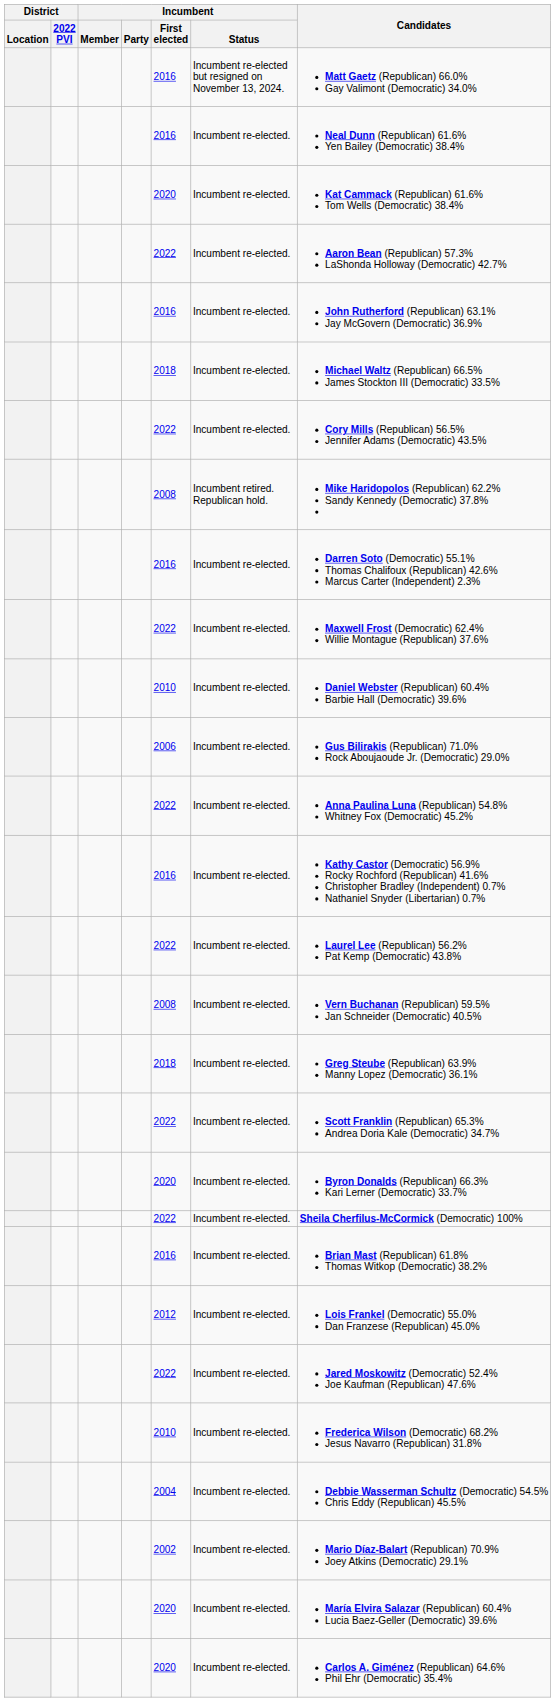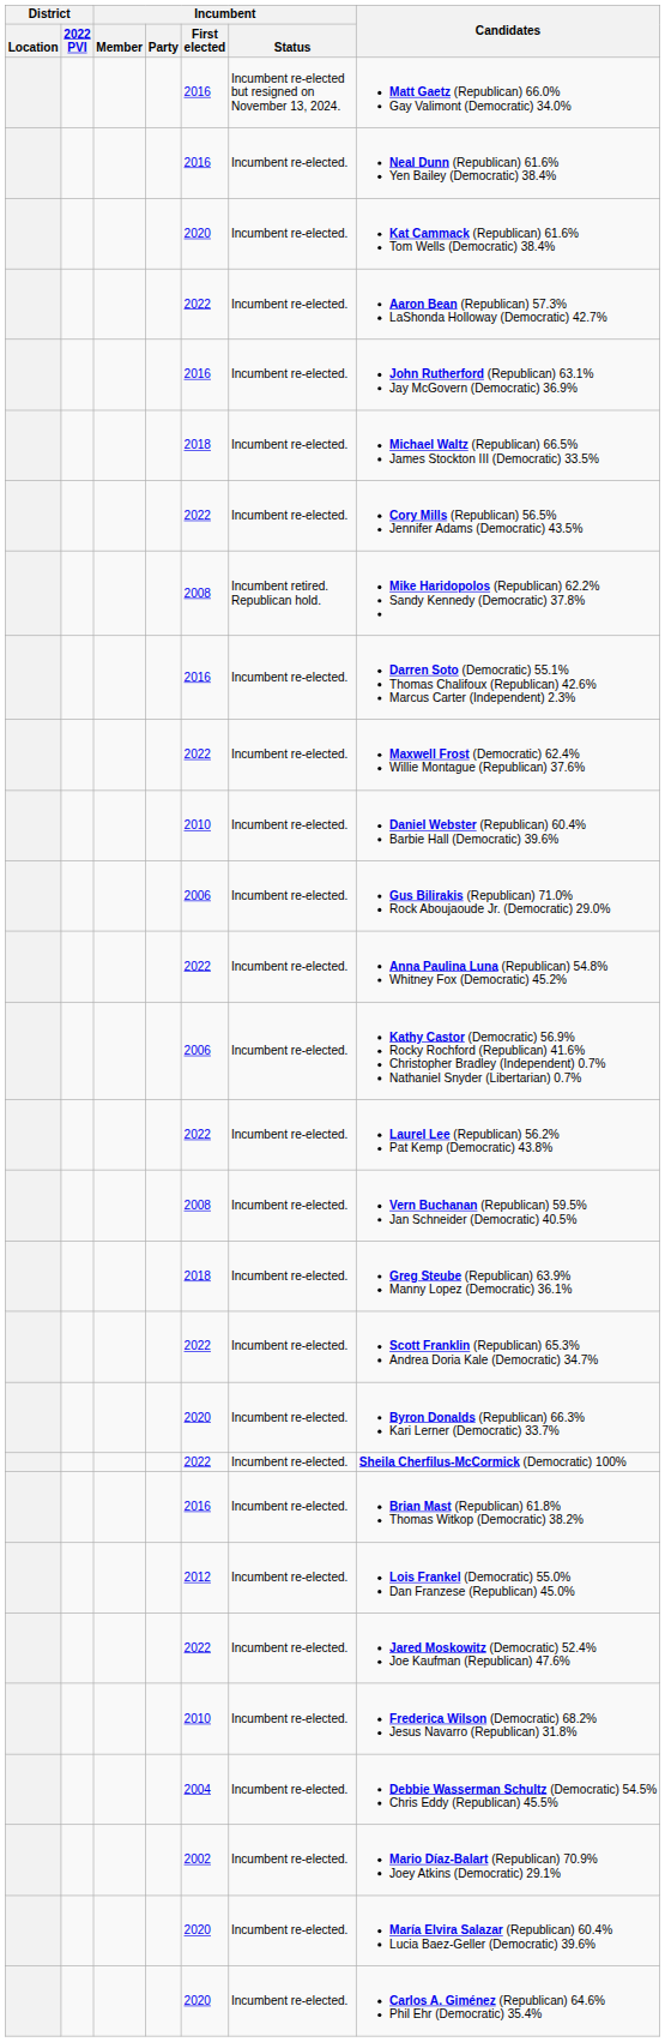 <table class="wikitable sortable">
 <tr>
 <th colspan=2>District</th>
 <th colspan=4>Incumbent</th>
 <th rowspan=2 class="unsortable">Candidates</th>
 </tr>
 <tr valign=bottom>
 <th>Location</th>
 <th><a href='#'>2022<br>PVI</a></th>
 <th>Member</th>
 <th>Party</th>
 <th>First<br>elected</th>
 <th>Status</th>
 </tr>
 <tr>
 <th></th>
 <td></td>
 <td></td>
 <td></td>
 <td><a href='#'>2016</a></td>
 <td>Incumbent re-elected but resigned on November 13, 2024.</td>
 <td nowrap><br><ul><li> <strong><a href='#'>Matt Gaetz</a></strong> (Republican) 66.0%</li><li>Gay Valimont (Democratic) 34.0%</li></ul></td>
 </tr>
 <tr>
 <th></th>
 <td></td>
 <td></td>
 <td></td>
 <td><a href='#'>2016</a></td>
 <td>Incumbent re-elected.</td>
 <td nowrap><br><ul><li> <strong><a href='#'>Neal Dunn</a></strong> (Republican) 61.6%</li><li>Yen Bailey (Democratic) 38.4%</li></ul></td>
 </tr>
 <tr>
 <th></th>
 <td></td>
 <td></td>
 <td></td>
 <td><a href='#'>2020</a></td>
 <td>Incumbent re-elected.</td>
 <td nowrap><br><ul><li> <strong><a href='#'>Kat Cammack</a></strong> (Republican) 61.6%</li><li>Tom Wells (Democratic) 38.4%</li></ul></td>
 </tr>
 <tr>
 <th></th>
 <td></td>
 <td></td>
 <td></td>
 <td><a href='#'>2022</a></td>
 <td>Incumbent re-elected.</td>
 <td nowrap><br><ul><li> <strong><a href='#'>Aaron Bean</a></strong> (Republican) 57.3%</li><li>LaShonda Holloway (Democratic) 42.7%</li></ul></td>
 </tr>
 <tr>
 <th></th>
 <td></td>
 <td></td>
 <td></td>
 <td><a href='#'>2016</a></td>
 <td>Incumbent re-elected.</td>
 <td nowrap><br><ul><li> <strong><a href='#'>John Rutherford</a></strong> (Republican) 63.1%</li><li>Jay McGovern (Democratic) 36.9%</li></ul></td>
 </tr>
 <tr>
 <th></th>
 <td></td>
 <td></td>
 <td></td>
 <td><a href='#'>2018</a></td>
 <td>Incumbent re-elected.</td>
 <td nowrap><br><ul><li> <strong><a href='#'>Michael Waltz</a></strong> (Republican) 66.5%</li><li>James Stockton III (Democratic) 33.5%</li></ul></td>
 </tr>
 <tr>
 <th></th>
 <td></td>
 <td></td>
 <td></td>
 <td><a href='#'>2022</a></td>
 <td>Incumbent re-elected.</td>
 <td nowrap><br><ul><li> <strong><a href='#'>Cory Mills</a></strong> (Republican) 56.5%</li><li>Jennifer Adams (Democratic) 43.5%</li></ul></td>
 </tr>
 <tr>
 <th></th>
 <td></td>
 <td></td>
 <td></td>
 <td><a href='#'>2008</a></td>
 <td>Incumbent retired.<br>Republican hold.</td>
 <td nowrap><br><ul><li> <strong><a href='#'>Mike Haridopolos</a></strong> (Republican) 62.2%</li><li>Sandy Kennedy (Democratic) 37.8%</li><li></li></ul></td>
 </tr>
 <tr>
 <th></th>
 <td></td>
 <td></td>
 <td></td>
 <td><a href='#'>2016</a></td>
 <td>Incumbent re-elected.</td>
 <td nowrap><br><ul><li> <strong><a href='#'>Darren Soto</a></strong> (Democratic) 55.1%</li><li>Thomas Chalifoux (Republican) 42.6%</li><li>Marcus Carter (Independent) 2.3%</li></ul></td>
 </tr>
 <tr>
 <th></th>
 <td></td>
 <td></td>
 <td></td>
 <td><a href='#'>2022</a></td>
 <td>Incumbent re-elected.</td>
 <td nowrap><br><ul><li> <strong><a href='#'>Maxwell Frost</a></strong> (Democratic) 62.4%</li><li>Willie Montague (Republican) 37.6%</li></ul></td>
 </tr>
 <tr>
 <th></th>
 <td></td>
 <td></td>
 <td></td>
 <td><a href='#'>2010</a></td>
 <td>Incumbent re-elected.</td>
 <td nowrap><br><ul><li> <strong><a href='#'>Daniel Webster</a></strong> (Republican) 60.4%</li><li>Barbie Hall (Democratic) 39.6%</li></ul></td>
 </tr>
 <tr>
 <th></th>
 <td></td>
 <td></td>
 <td></td>
 <td><a href='#'>2006</a></td>
 <td>Incumbent re-elected.</td>
 <td nowrap><br><ul><li> <strong><a href='#'>Gus Bilirakis</a></strong> (Republican) 71.0%</li><li>Rock Aboujaoude Jr. (Democratic) 29.0%</li></ul></td>
 </tr>
 <tr>
 <th></th>
 <td></td>
 <td></td>
 <td></td>
 <td><a href='#'>2022</a></td>
 <td>Incumbent re-elected.</td>
 <td nowrap><br><ul><li> <strong><a href='#'>Anna Paulina Luna</a></strong> (Republican) 54.8%</li><li>Whitney Fox (Democratic) 45.2%</li></ul></td>
 </tr>
 <tr>
 <th></th>
 <td></td>
 <td></td>
 <td></td>
-<td><a href='#'>2016</a></td>
+<td><a href='#'>2006</a></td>
 <td>Incumbent re-elected.</td>
 <td nowrap><br><ul><li> <strong><a href='#'>Kathy Castor</a></strong> (Democratic) 56.9%</li><li>Rocky Rochford (Republican) 41.6%</li><li>Christopher Bradley (Independent) 0.7%</li><li>Nathaniel Snyder (Libertarian) 0.7%</li></ul></td>
 </tr>
 <tr>
 <th></th>
 <td></td>
 <td></td>
 <td></td>
 <td><a href='#'>2022</a></td>
 <td>Incumbent re-elected.</td>
 <td nowrap><br><ul><li> <strong><a href='#'>Laurel Lee</a></strong> (Republican) 56.2%</li><li>Pat Kemp (Democratic) 43.8%</li></ul></td>
 </tr>
 <tr>
 <th></th>
 <td></td>
 <td></td>
 <td></td>
 <td><a href='#'>2008</a></td>
 <td>Incumbent re-elected.</td>
 <td nowrap><br><ul><li> <strong><a href='#'>Vern Buchanan</a></strong> (Republican) 59.5%</li><li>Jan Schneider (Democratic) 40.5%</li></ul></td>
 </tr>
 <tr>
 <th></th>
 <td></td>
 <td></td>
 <td></td>
 <td><a href='#'>2018</a></td>
 <td>Incumbent re-elected.</td>
 <td nowrap><br><ul><li> <strong><a href='#'>Greg Steube</a></strong> (Republican) 63.9%</li><li>Manny Lopez (Democratic) 36.1%</li></ul></td>
 </tr>
 <tr>
 <th></th>
 <td></td>
 <td></td>
 <td></td>
 <td><a href='#'>2022</a></td>
 <td>Incumbent re-elected.</td>
 <td nowrap><br><ul><li> <strong><a href='#'>Scott Franklin</a></strong> (Republican) 65.3%</li><li>Andrea Doria Kale (Democratic) 34.7%</li></ul></td>
 </tr>
 <tr>
 <th></th>
 <td></td>
 <td></td>
 <td></td>
 <td><a href='#'>2020</a></td>
 <td>Incumbent re-elected.</td>
 <td nowrap><br><ul><li> <strong><a href='#'>Byron Donalds</a></strong> (Republican) 66.3%</li><li>Kari Lerner (Democratic) 33.7%</li></ul></td>
 </tr>
 <tr>
 <th></th>
 <td></td>
 <td></td>
 <td></td>
 <td><a href='#'>2022 </a></td>
 <td>Incumbent re-elected.</td>
 <td nowrap> <strong><a href='#'>Sheila Cherfilus-McCormick</a></strong> (Democratic) 100%</td>
 </tr>
 <tr>
 <th></th>
 <td></td>
 <td></td>
 <td></td>
 <td><a href='#'>2016</a></td>
 <td>Incumbent re-elected.</td>
 <td nowrap><br><ul><li> <strong><a href='#'>Brian Mast</a></strong> (Republican) 61.8%</li><li>Thomas Witkop (Democratic) 38.2%</li></ul></td>
 </tr>
 <tr>
 <th></th>
 <td></td>
 <td></td>
 <td></td>
 <td><a href='#'>2012</a></td>
 <td>Incumbent re-elected.</td>
 <td nowrap><br><ul><li> <strong><a href='#'>Lois Frankel</a></strong> (Democratic) 55.0%</li><li>Dan Franzese (Republican) 45.0%</li></ul></td>
 </tr>
 <tr>
 <th></th>
 <td></td>
 <td></td>
 <td></td>
 <td><a href='#'>2022</a></td>
 <td>Incumbent re-elected.</td>
 <td nowrap><br><ul><li> <strong><a href='#'>Jared Moskowitz</a></strong> (Democratic) 52.4%</li><li>Joe Kaufman (Republican) 47.6%</li></ul></td>
 </tr>
 <tr>
 <th></th>
 <td></td>
 <td></td>
 <td></td>
 <td><a href='#'>2010</a></td>
 <td>Incumbent re-elected.</td>
 <td nowrap><br><ul><li> <strong><a href='#'>Frederica Wilson</a></strong> (Democratic) 68.2%</li><li>Jesus Navarro (Republican) 31.8%</li></ul></td>
 </tr>
 <tr>
 <th></th>
 <td></td>
 <td></td>
 <td></td>
 <td><a href='#'>2004</a></td>
 <td>Incumbent re-elected.</td>
 <td nowrap><br><ul><li> <strong><a href='#'>Debbie Wasserman Schultz</a></strong> (Democratic) 54.5%</li><li>Chris Eddy (Republican) 45.5%</li></ul></td>
 </tr>
 <tr>
 <th></th>
 <td></td>
 <td></td>
 <td></td>
 <td><a href='#'>2002</a></td>
 <td>Incumbent re-elected.</td>
 <td nowrap><br><ul><li> <strong><a href='#'>Mario Díaz-Balart</a></strong> (Republican) 70.9%</li><li>Joey Atkins (Democratic) 29.1%</li></ul></td>
 </tr>
 <tr>
 <th></th>
 <td></td>
 <td></td>
 <td></td>
 <td><a href='#'>2020</a></td>
 <td>Incumbent re-elected.</td>
 <td nowrap><br><ul><li> <strong><a href='#'>María Elvira Salazar</a></strong> (Republican) 60.4%</li><li>Lucia Baez-Geller (Democratic) 39.6%</li></ul></td>
 </tr>
 <tr>
 <th></th>
 <td></td>
 <td></td>
 <td></td>
 <td><a href='#'>2020</a></td>
 <td>Incumbent re-elected.</td>
 <td nowrap><br><ul><li> <strong><a href='#'>Carlos A. Giménez</a></strong> (Republican) 64.6%</li><li>Phil Ehr (Democratic) 35.4%</li></ul></td>
 </tr>
 </table>
